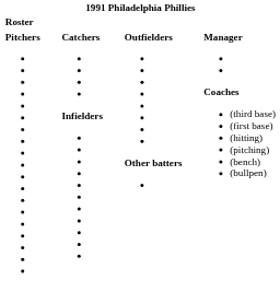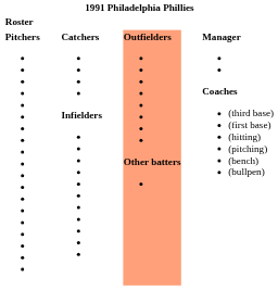 <table class="toccolours" style="font-size: 95%;">
 <tr>
 <th colspan="10">1991 Philadelphia Phillies</th>
 </tr>
 <tr>
 <td colspan="10"><strong>Roster</strong></td>
 </tr>
 <tr>
 <td valign="top"><strong>Pitchers</strong><br><ul><li></li><li></li><li></li><li></li><li></li><li></li><li></li><li></li><li></li><li></li><li></li><li></li><li></li><li></li><li></li><li></li><li></li><li></li><li></li></ul></td>
 <td width="25px"></td>
 <td valign="top"><strong>Catchers</strong><br><ul><li></li><li></li><li></li><li></li></ul><strong>Infielders</strong><ul><li></li><li></li><li></li><li></li><li></li><li></li><li></li><li></li><li></li><li></li><li></li></ul></td>
 <td width="25px"></td>
-<td valign="top"><strong>Outfielders</strong><br><ul><li></li><li></li><li></li><li></li><li></li><li></li><li></li><li></li></ul><strong>Other batters</strong><ul><li></li></ul></td>
+<td valign="top" style="background: lightsalmon;"><strong>Outfielders</strong><br><ul><li></li><li></li><li></li><li></li><li></li><li></li><li></li><li></li></ul><strong>Other batters</strong><ul><li></li></ul></td>
 <td width="25px"></td>
 <td valign="top"><strong>Manager</strong><br><ul><li></li><li></li></ul><strong>Coaches</strong><ul><li> (third base)</li><li> (first base)</li><li> (hitting)</li><li> (pitching)</li><li> (bench)</li><li> (bullpen)</li></ul></td>
 </tr>
 <tr>
 </tr>
 </table>
